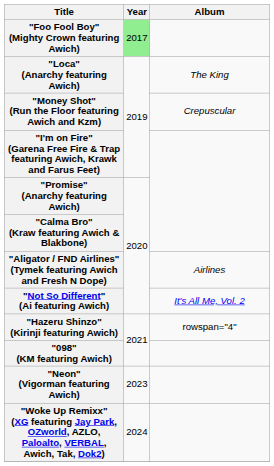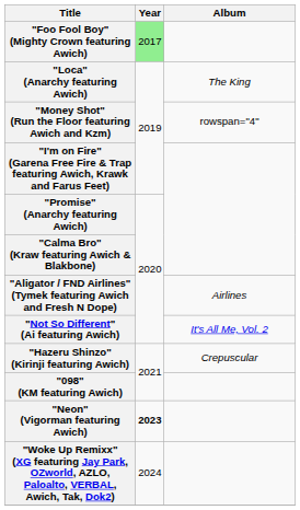 <table class="wikitable plainrowheaders" style="text-align:center;">
 <tr>
 <th scope="col" style="width:12em;">Title</th>
 <th scope="col" style="width:1em;">Year</th>
 <th scope="col" style="width:12em;">Album</th>
 </tr>
 <tr>
 <th scope="row">"Foo Fool Boy"<br><span>(Mighty Crown featuring Awich)</span></th>
 <td style="background: lightgreen;">2017</td>
 <td></td>
 </tr>
 <tr>
 <th scope="row">"Loca"<br><span>(Anarchy featuring Awich)</span></th>
 <td rowspan="3">2019</td>
 <td><em>The King</em></td>
 </tr>
 <tr>
 <th scope="row">"Money Shot"<br><span>(Run the Floor featuring Awich and Kzm)</span></th>
-<td><em>Crepuscular</em></td>
+<td>rowspan="4" </td>
 </tr>
 <tr>
 <th scope="row">"I'm on Fire"<br><span>(Garena Free Fire & Trap featuring Awich, Krawk and Farus Feet)</span></th>
 </tr>
 <tr>
 <th scope="row">"Promise"<br><span>(Anarchy featuring Awich)</span></th>
 <td rowspan="4">2020</td>
 </tr>
 <tr>
 <th scope="row">"Calma Bro"<br><span>(Kraw featuring Awich & Blakbone)</span></th>
 </tr>
 <tr>
 <th scope="row">"Aligator / FND Airlines"<br><span>(Tymek featuring Awich and Fresh N Dope)</span></th>
 <td><em>Airlines</em></td>
 </tr>
 <tr>
 <th scope="row">"<a href='#'>Not So Different</a>"<br><span>(Ai featuring Awich)</span></th>
 <td><em><a href='#'>It's All Me, Vol. 2</a></em></td>
 </tr>
 <tr>
 <th scope="row">"Hazeru Shinzo"<br><span>(Kirinji featuring Awich)</span></th>
 <td rowspan="2">2021</td>
-<td>rowspan="4" </td>
+<td><em>Crepuscular</em></td>
 </tr>
 <tr>
 <th scope="row">"098"<br><span>(KM featuring Awich)</span></th>
 <td></td>
 </tr>
 <tr>
 <th scope="row">"Neon"<br><span>(Vigorman featuring Awich)</span></th>
-<td rowspan="1">2023</td>
+<td rowspan="1"><strong>2023</strong></td>
 <td></td>
 </tr>
 <tr>
 <th scope="row">"Woke Up Remixx"<br><span>(<a href='#'>XG</a> featuring <a href='#'>Jay Park</a>, <a href='#'>OZworld</a>, AZLO, <a href='#'>Paloalto</a>, <a href='#'>VERBAL</a>, Awich, Tak, <a href='#'>Dok2</a>)</span></th>
 <td rowspan="1">2024</td>
 <td></td>
 </tr>
 <tr>
 </tr>
 </table>
